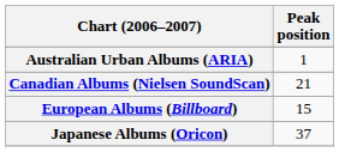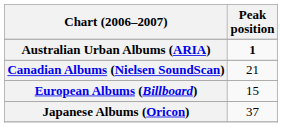 <table class="wikitable sortable plainrowheaders" style="text-align:center">
 <tr>
 <th scope="col">Chart (2006–2007)</th>
 <th scope="col">Peak<br>position</th>
 </tr>
 <tr>
 </tr>
 <tr>
 <th scope="row">Australian Urban Albums (<a href='#'>ARIA</a>)</th>
-<td>1</td>
+<td><strong>1</strong></td>
 </tr>
 <tr>
 </tr>
 <tr>
 </tr>
 <tr>
 <th scope="row"><a href='#'>Canadian Albums</a> (<a href='#'>Nielsen SoundScan</a>)</th>
 <td>21</td>
 </tr>
 <tr>
 </tr>
 <tr>
 <th scope="row"><a href='#'>European Albums</a> (<em><a href='#'>Billboard</a></em>)</th>
 <td>15</td>
 </tr>
 <tr>
 </tr>
 <tr>
 </tr>
 <tr>
 </tr>
 <tr>
 <th scope="row">Japanese Albums (<a href='#'>Oricon</a>)</th>
 <td>37</td>
 </tr>
 <tr>
 </tr>
 <tr>
 </tr>
 <tr>
 </tr>
 <tr>
 </tr>
 <tr>
 </tr>
 <tr>
 </tr>
 <tr>
 </tr>
 </table>
